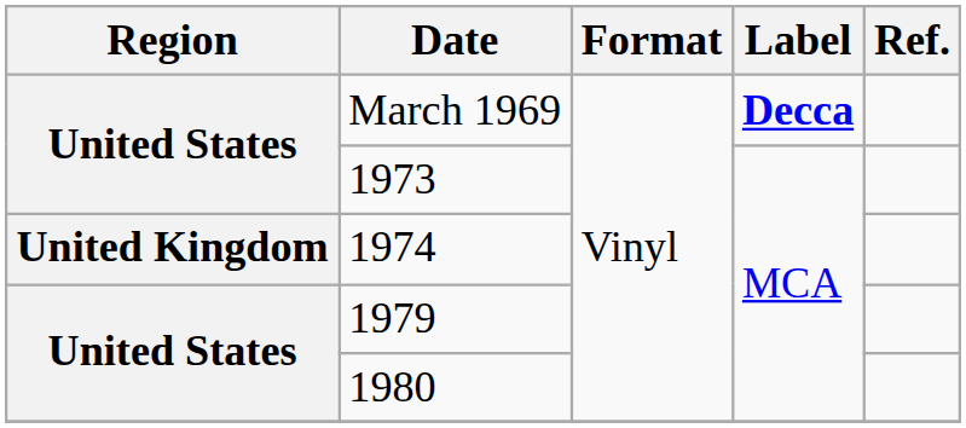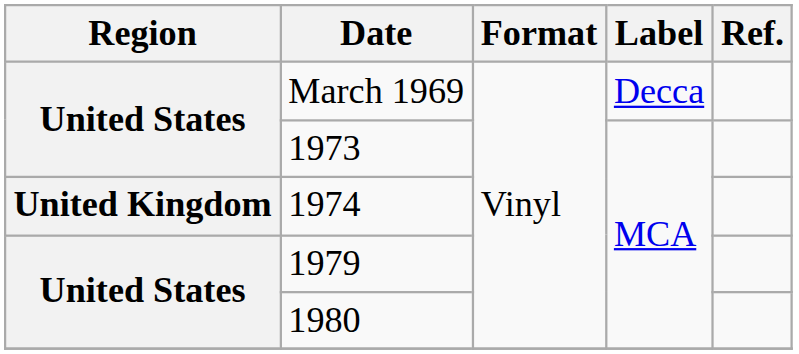 <table class="wikitable plainrowheaders">
 <tr>
 <th scope="col">Region</th>
 <th scope="col">Date</th>
 <th scope="col">Format</th>
 <th scope="col">Label</th>
 <th scope="col">Ref.</th>
 </tr>
 <tr>
 <th scope="row" rowspan="2">United States</th>
 <td>March 1969</td>
 <td rowspan="5">Vinyl</td>
-<td><strong><a href='#'>Decca</a></strong></td>
+<td><a href='#'>Decca</a></td>
 <td></td>
 </tr>
 <tr>
 <td>1973</td>
 <td rowspan="4"><a href='#'>MCA</a></td>
 <td></td>
 </tr>
 <tr>
 <th scope="row">United Kingdom</th>
 <td>1974</td>
 <td></td>
 </tr>
 <tr>
 <th scope="row" rowspan="2">United States</th>
 <td>1979</td>
 <td></td>
 </tr>
 <tr>
 <td>1980</td>
 <td></td>
 </tr>
 <tr>
 </tr>
 </table>
